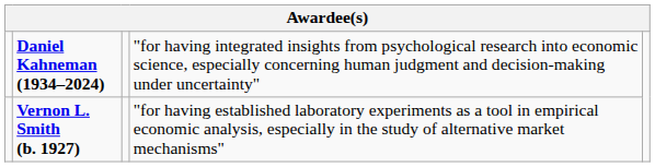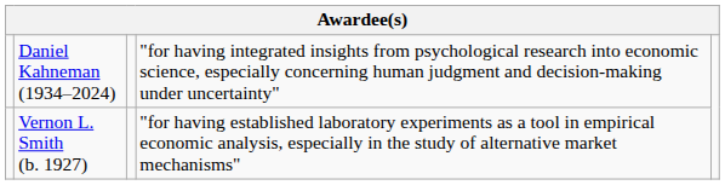 <table class="wikitable">
 <tr>
 <th colspan="5">Awardee(s)</th>
 </tr>
 <tr>
 <td></td>
-<td><strong><a href='#'>Daniel Kahneman</a><br>(1934–2024)</strong></td>
+<td><a href='#'>Daniel Kahneman</a><br>(1934–2024)</td>
 <td><br></td>
 <td>"for having integrated insights from psychological research into economic science, especially concerning human judgment and decision-making under uncertainty"</td>
 <td rowspan="2"></td>
 </tr>
 <tr>
 <td></td>
-<td><strong><a href='#'>Vernon L. Smith</a><br>(b. 1927)</strong></td>
+<td><a href='#'>Vernon L. Smith</a><br>(b. 1927)</td>
 <td></td>
 <td>"for having established laboratory experiments as a tool in empirical economic analysis, especially in the study of alternative market mechanisms"</td>
 </tr>
 </table>
